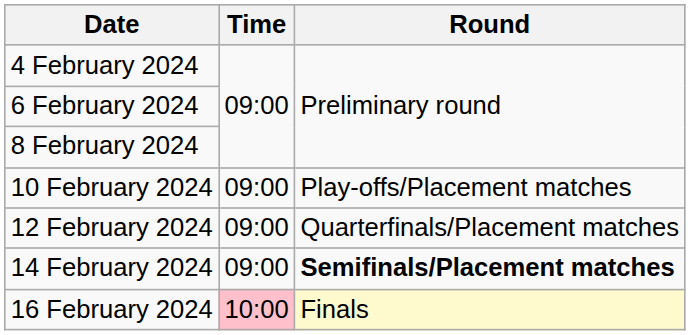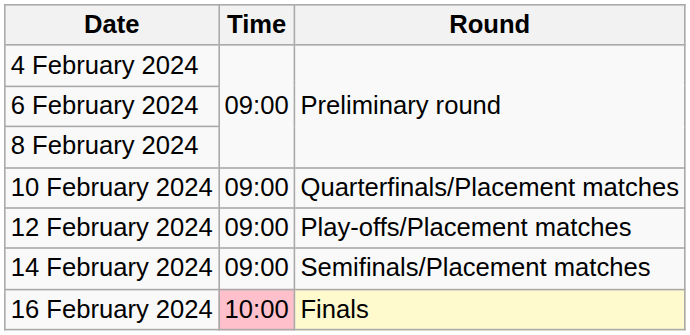 <table class="wikitable">
 <tr>
 <th>Date</th>
 <th>Time</th>
 <th>Round</th>
 </tr>
 <tr>
 <td>4 February 2024</td>
 <td rowspan=3>09:00</td>
 <td rowspan=3>Preliminary round</td>
 </tr>
 <tr>
 <td>6 February 2024</td>
 </tr>
 <tr>
 <td>8 February 2024</td>
 </tr>
 <tr>
 <td>10 February 2024</td>
 <td>09:00</td>
-<td>Play-offs/Placement matches</td>
+<td>Quarterfinals/Placement matches</td>
 </tr>
 <tr>
 <td>12 February 2024</td>
 <td>09:00</td>
-<td>Quarterfinals/Placement matches</td>
+<td>Play-offs/Placement matches</td>
 </tr>
 <tr>
 <td>14 February 2024</td>
 <td>09:00</td>
-<td><strong>Semifinals/Placement matches</strong></td>
+<td>Semifinals/Placement matches</td>
 </tr>
 <tr>
 <td>16 February 2024</td>
 <td style="background: pink;">10:00</td>
 <td style=background:lemonchiffon>Finals</td>
 </tr>
 </table>
